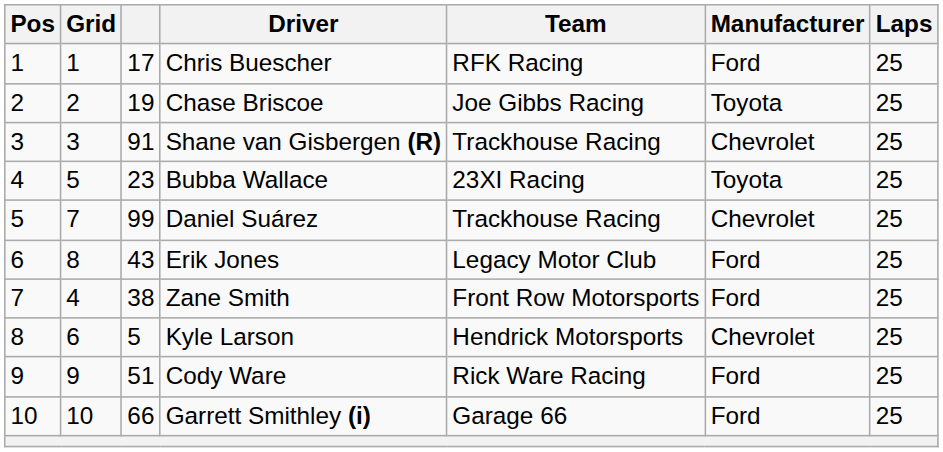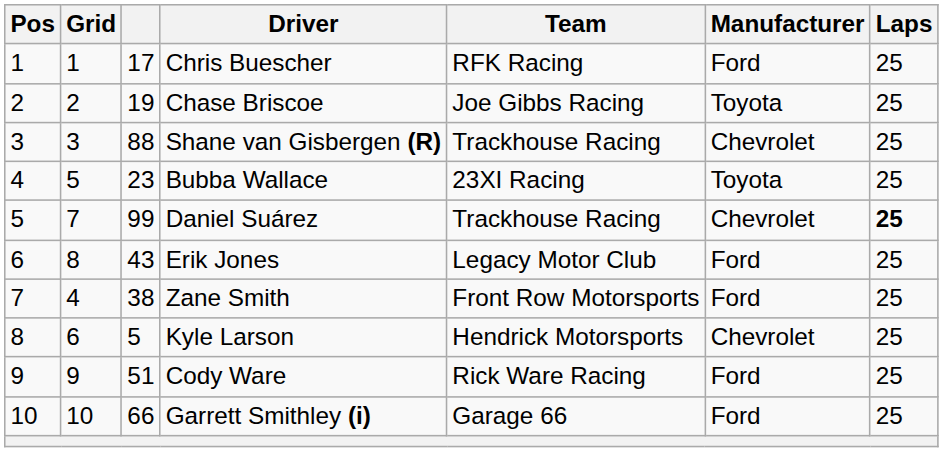 <table class="wikitable" style="font-size:98%">
 <tr>
 <th>Pos</th>
 <th>Grid</th>
 <th></th>
 <th>Driver</th>
 <th>Team</th>
 <th>Manufacturer</th>
 <th>Laps</th>
 </tr>
 <tr>
 <td>1</td>
 <td>1</td>
 <td>17</td>
 <td>Chris Buescher</td>
 <td>RFK Racing</td>
 <td>Ford</td>
 <td>25</td>
 </tr>
 <tr>
 <td>2</td>
 <td>2</td>
 <td>19</td>
 <td>Chase Briscoe</td>
 <td>Joe Gibbs Racing</td>
 <td>Toyota</td>
 <td>25</td>
 </tr>
 <tr>
 <td>3</td>
 <td>3</td>
-<td>91</td>
+<td>88</td>
 <td>Shane van Gisbergen <strong>(R)</strong></td>
 <td>Trackhouse Racing</td>
 <td>Chevrolet</td>
 <td>25</td>
 </tr>
 <tr>
 <td>4</td>
 <td>5</td>
 <td>23</td>
 <td>Bubba Wallace</td>
 <td>23XI Racing</td>
 <td>Toyota</td>
 <td>25</td>
 </tr>
 <tr>
 <td>5</td>
 <td>7</td>
 <td>99</td>
 <td>Daniel Suárez</td>
 <td>Trackhouse Racing</td>
 <td>Chevrolet</td>
-<td>25</td>
+<td><strong>25</strong></td>
 </tr>
 <tr>
 <td>6</td>
 <td>8</td>
 <td>43</td>
 <td>Erik Jones</td>
 <td>Legacy Motor Club</td>
 <td>Ford</td>
 <td>25</td>
 </tr>
 <tr>
 <td>7</td>
 <td>4</td>
 <td>38</td>
 <td>Zane Smith</td>
 <td>Front Row Motorsports</td>
 <td>Ford</td>
 <td>25</td>
 </tr>
 <tr>
 <td>8</td>
 <td>6</td>
 <td>5</td>
 <td>Kyle Larson</td>
 <td>Hendrick Motorsports</td>
 <td>Chevrolet</td>
 <td>25</td>
 </tr>
 <tr>
 <td>9</td>
 <td>9</td>
 <td>51</td>
 <td>Cody Ware</td>
 <td>Rick Ware Racing</td>
 <td>Ford</td>
 <td>25</td>
 </tr>
 <tr>
 <td>10</td>
 <td>10</td>
 <td>66</td>
 <td>Garrett Smithley <strong>(i)</strong></td>
 <td>Garage 66</td>
 <td>Ford</td>
 <td>25</td>
 </tr>
 <tr>
 <th colspan="7"></th>
 </tr>
 </table>
